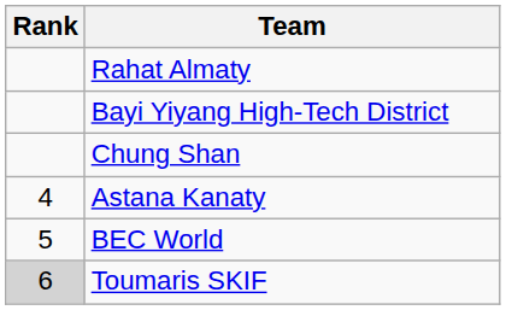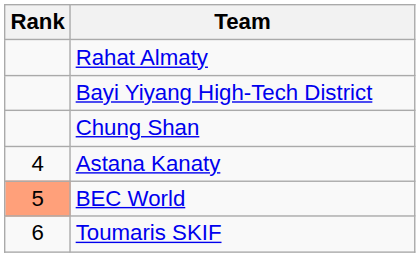 <table class="wikitable" style="text-align: center;">
 <tr>
 <th width=40>Rank</th>
 <th width=240>Team</th>
 </tr>
 <tr>
 <td></td>
 <td align="left"> <a href='#'>Rahat Almaty</a></td>
 </tr>
 <tr>
 <td></td>
 <td align="left"> <a href='#'>Bayi Yiyang High-Tech District</a></td>
 </tr>
 <tr>
 <td></td>
 <td align="left"> <a href='#'>Chung Shan</a></td>
 </tr>
 <tr>
 <td>4</td>
 <td align="left"> <a href='#'>Astana Kanaty</a></td>
 </tr>
 <tr>
-<td>5</td>
+<td style="background: lightsalmon;">5</td>
 <td align="left"> <a href='#'>BEC World</a></td>
 </tr>
 <tr>
-<td style="background: lightgrey;">6</td>
+<td>6</td>
 <td align="left"> <a href='#'>Toumaris SKIF</a></td>
 </tr>
 </table>
